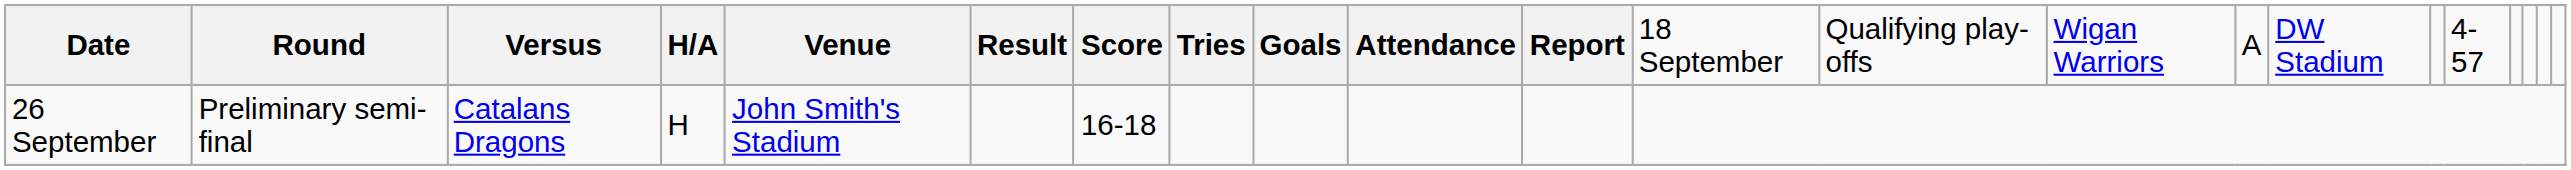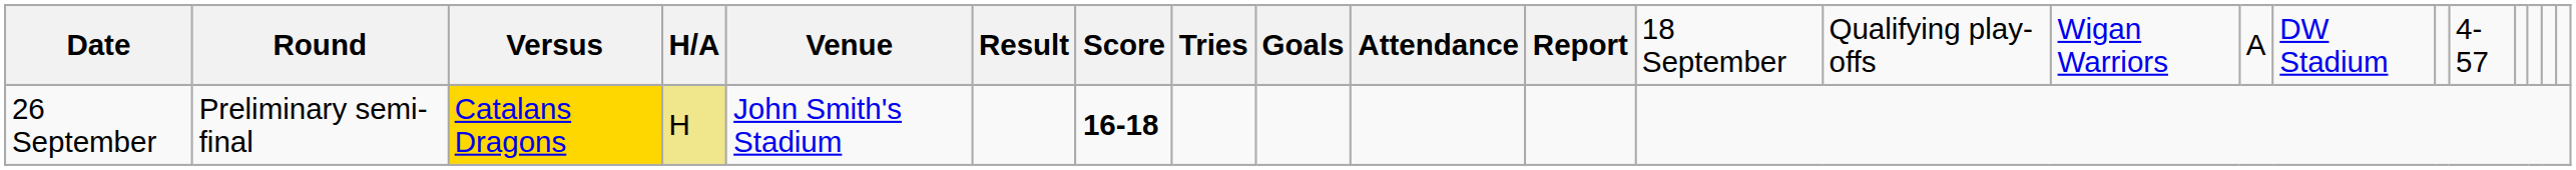 <table class="wikitable defaultleft col2center col4center col7center col10right" style="font-size:90%;">
 <tr>
 <th>Date</th>
 <th>Round</th>
 <th>Versus</th>
 <th>H/A</th>
 <th>Venue</th>
 <th>Result</th>
 <th>Score</th>
 <th>Tries</th>
 <th>Goals</th>
 <th>Attendance</th>
 <th>Report</th>
 <td>18 September</td>
 <td>Qualifying play-offs</td>
 <td> <a href='#'>Wigan Warriors</a></td>
 <td>A</td>
 <td><a href='#'>DW Stadium</a></td>
 <td></td>
 <td>4-57</td>
 <td></td>
 <td></td>
 <td></td>
 <td></td>
 </tr>
 <tr>
 <td>26 September</td>
 <td>Preliminary semi-final</td>
-<td> <a href='#'>Catalans Dragons</a></td>
-<td>H</td>
+<td style="background: gold;"> <a href='#'>Catalans Dragons</a></td>
+<td style="background: khaki;">H</td>
 <td><a href='#'>John Smith's Stadium</a></td>
 <td></td>
-<td>16-18</td>
+<td><strong>16-18</strong></td>
 <td></td>
 <td></td>
 <td></td>
 <td></td>
 </tr>
 </table>
